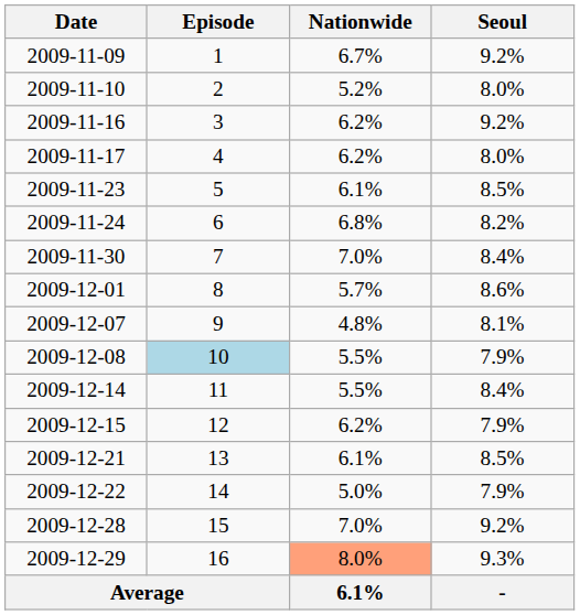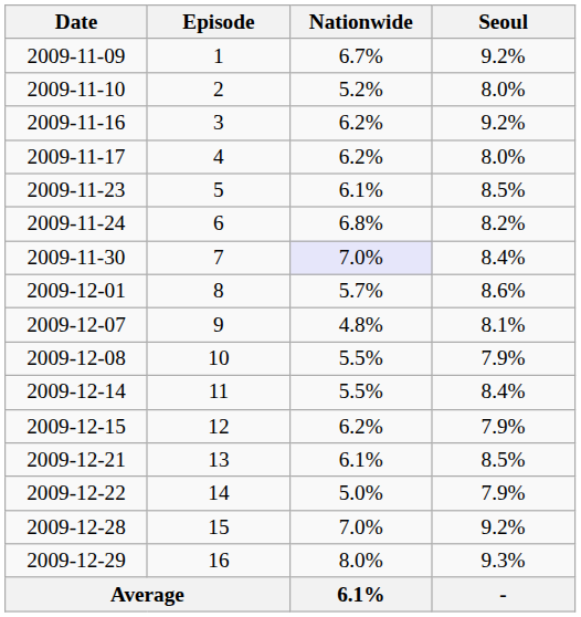 <table class="wikitable">
 <tr>
 <th width=100>Date</th>
 <th width=100>Episode</th>
 <th width=100>Nationwide</th>
 <th width=100>Seoul</th>
 </tr>
 <tr align=center>
 <td>2009-11-09</td>
 <td>1</td>
 <td>6.7%</td>
 <td>9.2%</td>
 </tr>
 <tr align=center>
 <td>2009-11-10</td>
 <td>2</td>
 <td>5.2%</td>
 <td>8.0%</td>
 </tr>
 <tr align=center>
 <td>2009-11-16</td>
 <td>3</td>
 <td>6.2%</td>
 <td>9.2%</td>
 </tr>
 <tr align=center>
 <td>2009-11-17</td>
 <td>4</td>
 <td>6.2%</td>
 <td>8.0%</td>
 </tr>
 <tr align=center>
 <td>2009-11-23</td>
 <td>5</td>
 <td>6.1%</td>
 <td>8.5%</td>
 </tr>
 <tr align=center>
 <td>2009-11-24</td>
 <td>6</td>
 <td>6.8%</td>
 <td>8.2%</td>
 </tr>
 <tr align=center>
 <td>2009-11-30</td>
 <td>7</td>
-<td>7.0%</td>
+<td style="background: lavender;">7.0%</td>
 <td>8.4%</td>
 </tr>
 <tr align=center>
 <td>2009-12-01</td>
 <td>8</td>
 <td>5.7%</td>
 <td>8.6%</td>
 </tr>
 <tr align=center>
 <td>2009-12-07</td>
 <td>9</td>
 <td>4.8%</td>
 <td>8.1%</td>
 </tr>
 <tr align=center>
 <td>2009-12-08</td>
-<td style="background: lightblue;">10</td>
+<td>10</td>
 <td>5.5%</td>
 <td>7.9%</td>
 </tr>
 <tr align=center>
 <td>2009-12-14</td>
 <td>11</td>
 <td>5.5%</td>
 <td>8.4%</td>
 </tr>
 <tr align=center>
 <td>2009-12-15</td>
 <td>12</td>
 <td>6.2%</td>
 <td>7.9%</td>
 </tr>
 <tr align=center>
 <td>2009-12-21</td>
 <td>13</td>
 <td>6.1%</td>
 <td>8.5%</td>
 </tr>
 <tr align=center>
 <td>2009-12-22</td>
 <td>14</td>
 <td>5.0%</td>
 <td>7.9%</td>
 </tr>
 <tr align=center>
 <td>2009-12-28</td>
 <td>15</td>
 <td>7.0%</td>
 <td>9.2%</td>
 </tr>
 <tr align=center>
 <td>2009-12-29</td>
 <td>16</td>
-<td style="background: lightsalmon;">8.0%</td>
+<td>8.0%</td>
 <td>9.3%</td>
 </tr>
 <tr align="center">
 <th colspan=2>Average</th>
 <th>6.1%</th>
 <th>-</th>
 </tr>
 </table>
